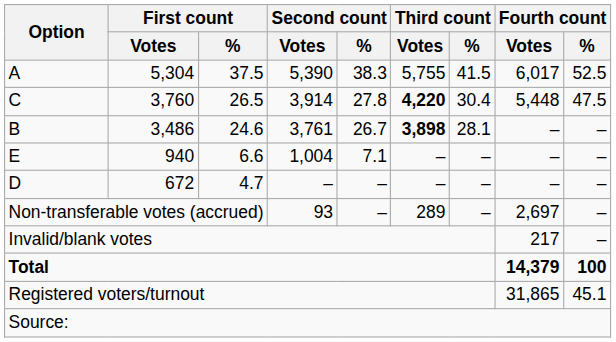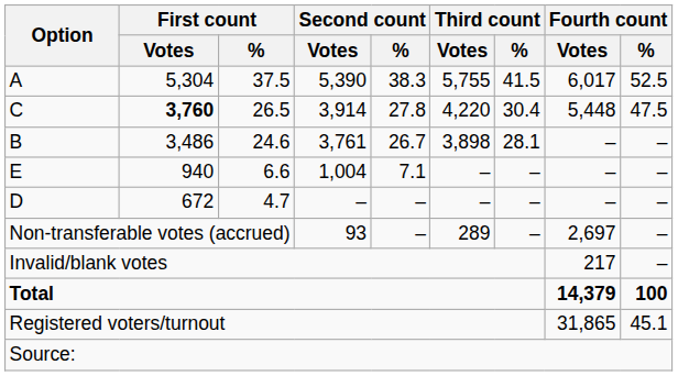 <table class="wikitable" style=text-align:right>
 <tr>
 <th rowspan=2>Option</th>
 <th colspan=2>First count</th>
 <th colspan=2>Second count</th>
 <th colspan=2>Third count</th>
 <th colspan=2>Fourth count</th>
 </tr>
 <tr>
 <th>Votes</th>
 <th>%</th>
 <th>Votes</th>
 <th>%</th>
 <th>Votes</th>
 <th>%</th>
 <th>Votes</th>
 <th>%</th>
 </tr>
 <tr>
 <td align=left>A</td>
 <td>5,304</td>
 <td>37.5</td>
 <td>5,390</td>
 <td>38.3</td>
 <td>5,755</td>
 <td>41.5</td>
 <td>6,017</td>
 <td>52.5</td>
 </tr>
 <tr>
 <td align=left>C</td>
-<td>3,760</td>
+<td><strong>3,760</strong></td>
 <td>26.5</td>
 <td>3,914</td>
 <td>27.8</td>
-<td><strong>4,220</strong></td>
+<td>4,220</td>
 <td>30.4</td>
 <td>5,448</td>
 <td>47.5</td>
 </tr>
 <tr>
 <td align=left>B</td>
 <td>3,486</td>
 <td>24.6</td>
 <td>3,761</td>
 <td>26.7</td>
-<td><strong>3,898</strong></td>
+<td>3,898</td>
 <td>28.1</td>
 <td>–</td>
 <td>–</td>
 </tr>
 <tr>
 <td align=left>E</td>
 <td>940</td>
 <td>6.6</td>
 <td>1,004</td>
 <td>7.1</td>
 <td>–</td>
 <td>–</td>
 <td>–</td>
 <td>–</td>
 </tr>
 <tr>
 <td align=left>D</td>
 <td>672</td>
 <td>4.7</td>
 <td>–</td>
 <td>–</td>
 <td>–</td>
 <td>–</td>
 <td>–</td>
 <td>–</td>
 </tr>
 <tr>
 <td align=left colspan=3>Non-transferable votes (accrued)</td>
 <td>93</td>
 <td>–</td>
 <td>289</td>
 <td>–</td>
 <td>2,697</td>
 <td>–</td>
 </tr>
 <tr>
 <td align=left colspan=7>Invalid/blank votes</td>
 <td>217</td>
 <td>–</td>
 </tr>
 <tr>
 <td align=left colspan=7><strong>Total</strong></td>
 <td><strong>14,379</strong></td>
 <td><strong>100</strong></td>
 </tr>
 <tr>
 <td align=left colspan=7>Registered voters/turnout</td>
 <td>31,865</td>
 <td>45.1</td>
 </tr>
 <tr>
 <td align=left colspan=10>Source:  </td>
 </tr>
 </table>
